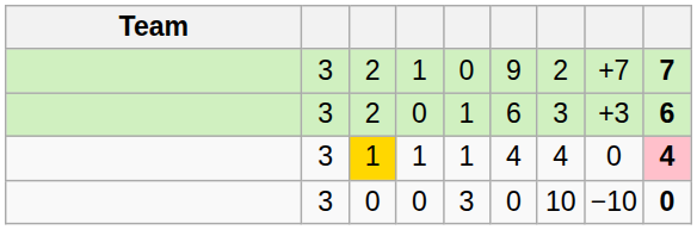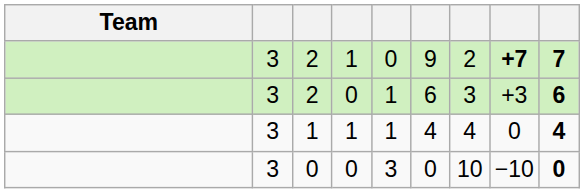 <table class="wikitable" style="text-align: center;">
 <tr>
 <th width=165>Team</th>
 <th width=20></th>
 <th width=20></th>
 <th width=20></th>
 <th width=20></th>
 <th width=20></th>
 <th width=20></th>
 <th width=20></th>
 <th width=20></th>
 </tr>
 <tr bgcolor="#D0F0C0">
 <td style="text-align:left;"></td>
 <td>3</td>
 <td>2</td>
 <td>1</td>
 <td>0</td>
 <td>9</td>
 <td>2</td>
-<td>+7</td>
+<td><strong>+7</strong></td>
 <td><strong>7</strong></td>
 </tr>
 <tr bgcolor="#D0F0C0">
 <td style="text-align:left;"></td>
 <td>3</td>
 <td>2</td>
 <td>0</td>
 <td>1</td>
 <td>6</td>
 <td>3</td>
 <td>+3</td>
 <td><strong>6</strong></td>
 </tr>
 <tr>
 <td style="text-align:left;"></td>
 <td>3</td>
-<td style="background: gold;">1</td>
+<td>1</td>
 <td>1</td>
 <td>1</td>
 <td>4</td>
 <td>4</td>
 <td>0</td>
-<td style="background: pink;"><strong>4</strong></td>
+<td><strong>4</strong></td>
 </tr>
 <tr>
 <td style="text-align:left;"></td>
 <td>3</td>
 <td>0</td>
 <td>0</td>
 <td>3</td>
 <td>0</td>
 <td>10</td>
 <td>−10</td>
 <td><strong>0</strong></td>
 </tr>
 </table>
